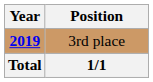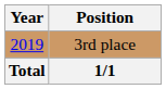 <table class="wikitable" style="text-align: center;">
 <tr>
 <th>Year</th>
 <th width="100">Position</th>
 </tr>
 <tr bgcolor=cc9966>
-<td><strong> <a href='#'>2019</a></strong></td>
+<td> <a href='#'>2019</a></td>
 <td>3rd place</td>
 </tr>
 <tr>
 <th>Total</th>
 <th>1/1</th>
 </tr>
 </table>
